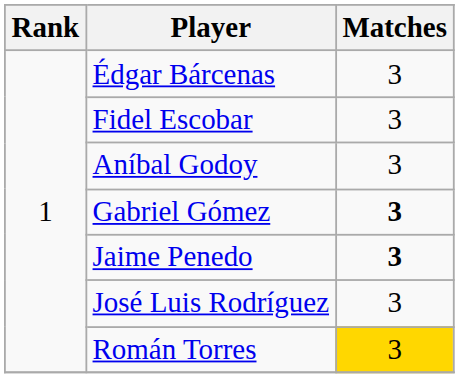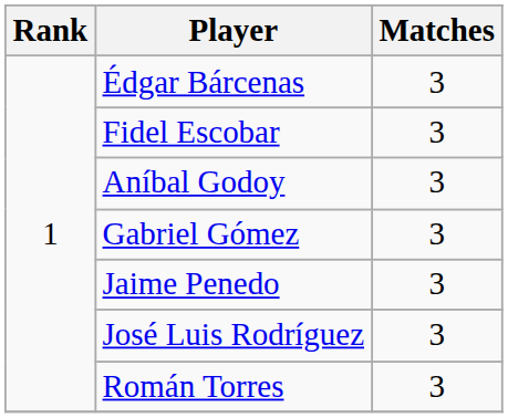 <table class="wikitable" style="text-align: left;">
 <tr>
 <th>Rank</th>
 <th>Player</th>
 <th>Matches</th>
 </tr>
 <tr>
 <td rowspan=7 align=center>1</td>
 <td><a href='#'>Édgar Bárcenas</a></td>
 <td align=center>3</td>
 </tr>
 <tr>
 <td><a href='#'>Fidel Escobar</a></td>
 <td align=center>3</td>
 </tr>
 <tr>
 <td><a href='#'>Aníbal Godoy</a></td>
 <td align=center>3</td>
 </tr>
 <tr>
 <td><a href='#'>Gabriel Gómez</a></td>
-<td align=center><strong>3</strong></td>
+<td align=center>3</td>
 </tr>
 <tr>
 <td><a href='#'>Jaime Penedo</a></td>
-<td align=center><strong>3</strong></td>
+<td align=center>3</td>
 </tr>
 <tr>
 <td><a href='#'>José Luis Rodríguez</a></td>
 <td align=center>3</td>
 </tr>
 <tr>
 <td><a href='#'>Román Torres</a></td>
-<td align=center style="background: gold;">3</td>
+<td align=center>3</td>
 </tr>
 <tr>
 </tr>
 </table>
